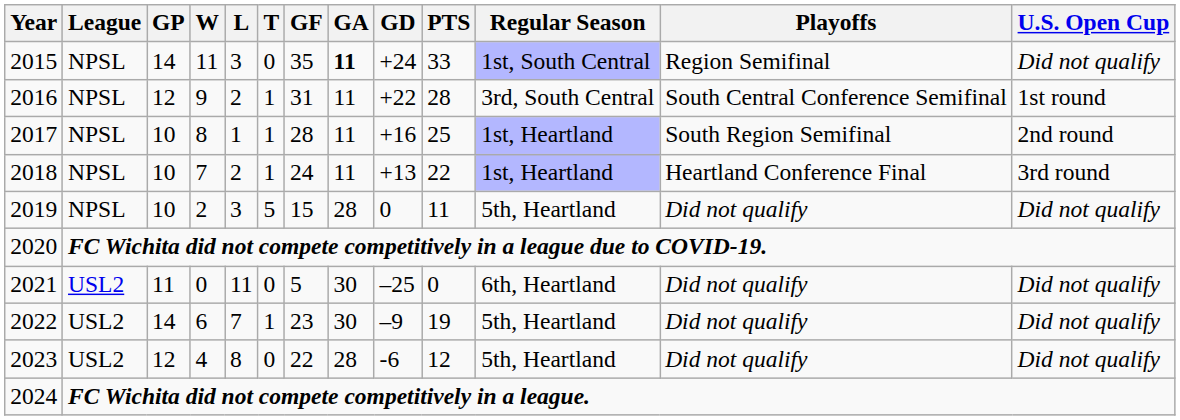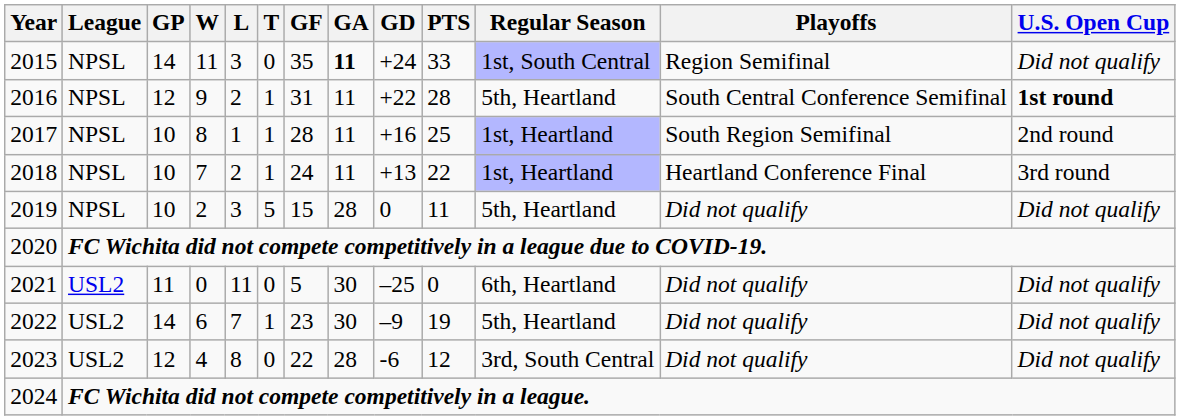 <table class="wikitable">
 <tr>
 <th>Year</th>
 <th>League</th>
 <th>GP</th>
 <th>W</th>
 <th>L</th>
 <th>T</th>
 <th>GF</th>
 <th>GA</th>
 <th>GD</th>
 <th>PTS</th>
 <th>Regular Season</th>
 <th>Playoffs</th>
 <th><a href='#'>U.S. Open Cup</a></th>
 </tr>
 <tr>
 <td>2015</td>
 <td>NPSL</td>
 <td>14</td>
 <td>11</td>
 <td>3</td>
 <td>0</td>
 <td>35</td>
 <td><strong>11</strong></td>
 <td>+24</td>
 <td>33</td>
 <td bgcolor="B3B7FF">1st, South Central</td>
 <td>Region Semifinal</td>
 <td><em>Did not qualify</em></td>
 </tr>
 <tr>
 <td>2016</td>
 <td>NPSL</td>
 <td>12</td>
 <td>9</td>
 <td>2</td>
 <td>1</td>
 <td>31</td>
 <td>11</td>
 <td>+22</td>
 <td>28</td>
-<td>3rd, South Central</td>
+<td>5th, Heartland</td>
 <td>South Central Conference Semifinal</td>
-<td>1st round</td>
+<td><strong>1st round</strong></td>
 </tr>
 <tr>
 <td>2017</td>
 <td>NPSL</td>
 <td>10</td>
 <td>8</td>
 <td>1</td>
 <td>1</td>
 <td>28</td>
 <td>11</td>
 <td>+16</td>
 <td>25</td>
 <td bgcolor="B3B7FF">1st, Heartland</td>
 <td>South Region Semifinal</td>
 <td>2nd round</td>
 </tr>
 <tr>
 <td>2018</td>
 <td>NPSL</td>
 <td>10</td>
 <td>7</td>
 <td>2</td>
 <td>1</td>
 <td>24</td>
 <td>11</td>
 <td>+13</td>
 <td>22</td>
 <td bgcolor="B3B7FF">1st, Heartland</td>
 <td>Heartland Conference Final</td>
 <td>3rd round</td>
 </tr>
 <tr>
 <td>2019</td>
 <td>NPSL</td>
 <td>10</td>
 <td>2</td>
 <td>3</td>
 <td>5</td>
 <td>15</td>
 <td>28</td>
 <td>0</td>
 <td>11</td>
 <td>5th, Heartland</td>
 <td><em>Did not qualify</em></td>
 <td><em>Did not qualify</em></td>
 </tr>
 <tr>
 <td>2020</td>
 <td colspan="12"><strong><em>FC Wichita did not compete competitively in a league due to COVID-19.</em></strong></td>
 </tr>
 <tr>
 <td>2021</td>
 <td><a href='#'>USL2</a></td>
 <td>11</td>
 <td>0</td>
 <td>11</td>
 <td>0</td>
 <td>5</td>
 <td>30</td>
 <td>–25</td>
 <td>0</td>
 <td>6th, Heartland</td>
 <td><em>Did not qualify</em></td>
 <td><em>Did not qualify</em></td>
 </tr>
 <tr>
 <td>2022</td>
 <td>USL2</td>
 <td>14</td>
 <td>6</td>
 <td>7</td>
 <td>1</td>
 <td>23</td>
 <td>30</td>
 <td>–9</td>
 <td>19</td>
 <td>5th, Heartland</td>
 <td><em>Did not qualify</em></td>
 <td><em>Did not qualify</em></td>
 </tr>
 <tr>
 <td>2023</td>
 <td>USL2</td>
 <td>12</td>
 <td>4</td>
 <td>8</td>
 <td>0</td>
 <td>22</td>
 <td>28</td>
 <td>-6</td>
 <td>12</td>
-<td>5th, Heartland</td>
+<td>3rd, South Central</td>
 <td><em>Did not qualify</em></td>
 <td><em>Did not qualify</em></td>
 </tr>
 <tr>
 <td>2024</td>
 <td colspan="12"><strong><em>FC Wichita did not compete competitively in a league.</em></strong></td>
 </tr>
 </table>
